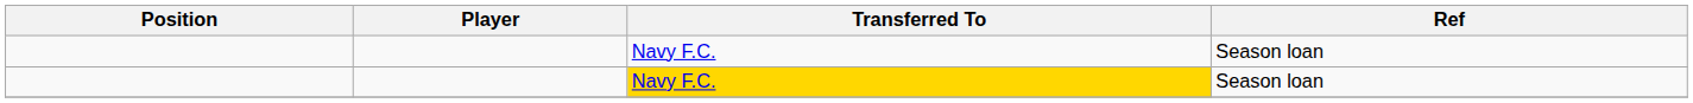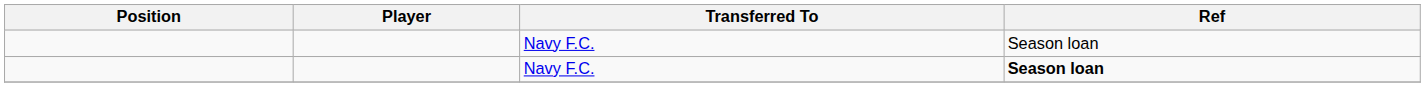 <table class="wikitable sortable" style="width:70%; text-align:center; font-size:100%; text-align:left;">
 <tr>
 <th>Position</th>
 <th>Player</th>
 <th>Transferred To</th>
 <th>Ref</th>
 </tr>
 <tr>
 <td></td>
 <td></td>
 <td> <a href='#'>Navy F.C.</a></td>
 <td>Season loan </td>
 </tr>
 <tr>
 <td></td>
 <td></td>
-<td style="background: gold;"> <a href='#'>Navy F.C.</a></td>
-<td>Season loan </td>
+<td> <a href='#'>Navy F.C.</a></td>
+<td><strong>Season loan </strong></td>
 </tr>
 <tr>
 </tr>
 </table>
